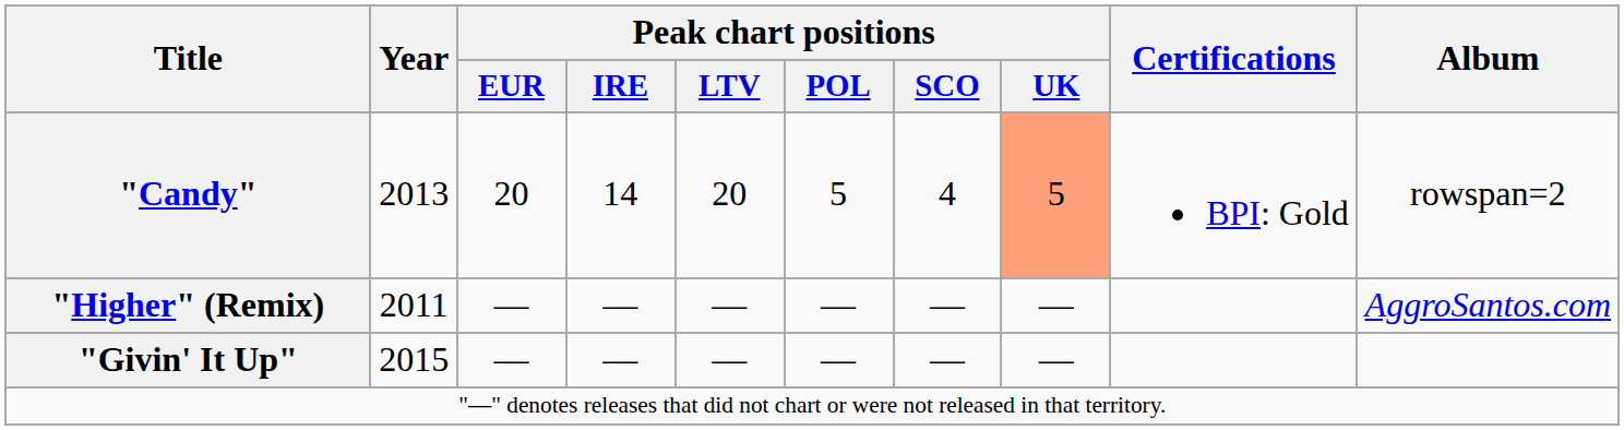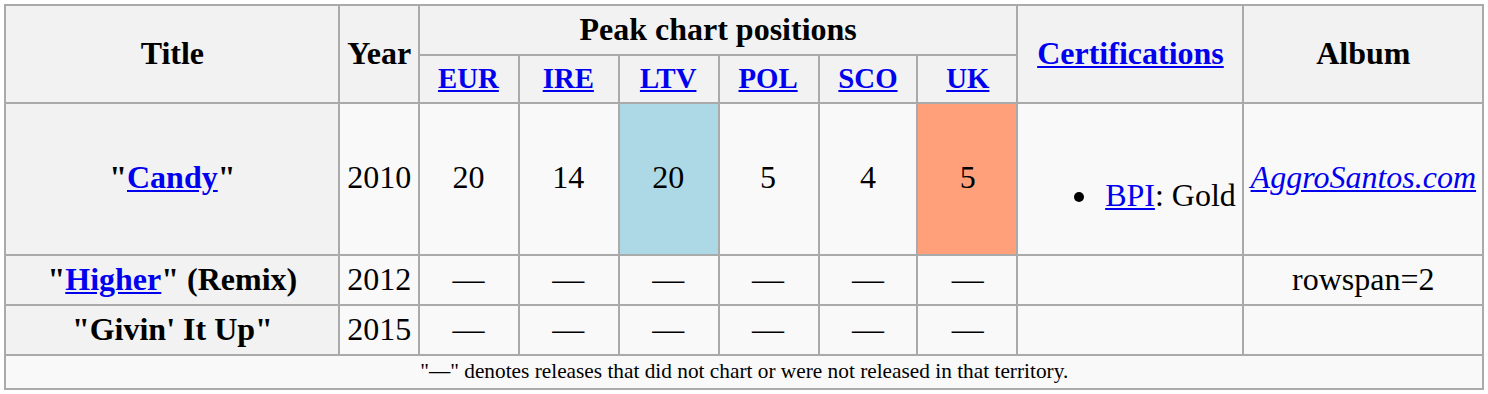 <table class="wikitable plainrowheaders" style="text-align:center;">
 <tr>
 <th scope="col" rowspan="2" style="width:10em;">Title</th>
 <th scope="col" rowspan="2">Year</th>
 <th scope="col" colspan="6">Peak chart positions</th>
 <th rowspan="2"><a href='#'>Certifications</a></th>
 <th scope="col" rowspan="2">Album</th>
 </tr>
 <tr>
 <th scope="col" style="width:3em;font-size:90%;"><a href='#'>EUR</a><br></th>
 <th scope="col" style="width:3em;font-size:90%;"><a href='#'>IRE</a><br></th>
 <th scope="col" style="width:3em;font-size:90%;"><a href='#'>LTV</a><br></th>
 <th scope="col" style="width:3em;font-size:90%;"><a href='#'>POL</a><br></th>
 <th scope="col" style="width:3em;font-size:90%;"><a href='#'>SCO</a><br></th>
 <th scope="col" style="width:3em;font-size:90%;"><a href='#'>UK</a><br></th>
 </tr>
 <tr>
 <th scope="row">"<a href='#'>Candy</a>"<br></th>
-<td>2013</td>
+<td>2010</td>
 <td>20</td>
 <td>14</td>
-<td>20</td>
+<td style="background: lightblue;">20</td>
 <td>5</td>
 <td>4</td>
 <td style="background: lightsalmon;">5</td>
 <td><br><ul><li><a href='#'>BPI</a>: Gold</li></ul></td>
-<td>rowspan=2 </td>
+<td><em><a href='#'>AggroSantos.com</a></em></td>
 </tr>
 <tr>
 <th scope="row">"<a href='#'>Higher</a>" (Remix)<br></th>
-<td>2011</td>
+<td>2012</td>
 <td>—</td>
 <td>—</td>
 <td>—</td>
 <td>—</td>
 <td>—</td>
 <td>—</td>
 <td></td>
-<td><em><a href='#'>AggroSantos.com</a></em></td>
+<td>rowspan=2 </td>
 </tr>
 <tr>
 <th scope="row">"Givin' It Up"<br></th>
 <td>2015</td>
 <td>—</td>
 <td>—</td>
 <td>—</td>
 <td>—</td>
 <td>—</td>
 <td>—</td>
 <td></td>
 </tr>
 <tr>
 <td colspan="15" style="text-align:center; font-size:8pt;">"—" denotes releases that did not chart or were not released in that territory.</td>
 </tr>
 </table>
